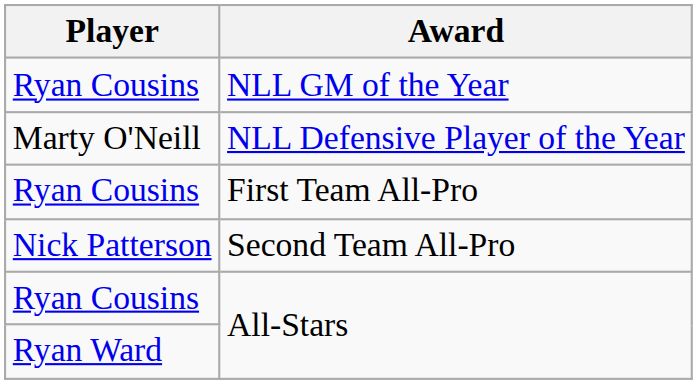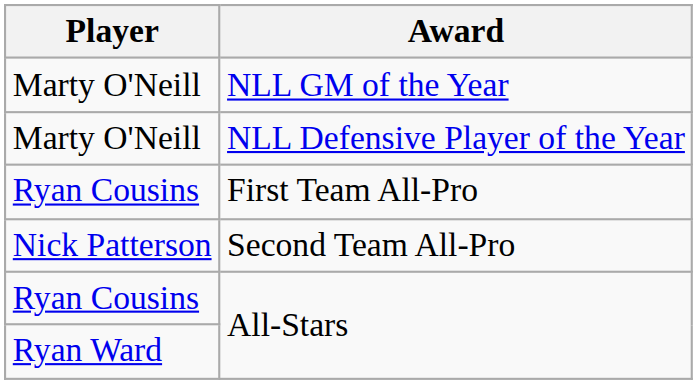 <table class="wikitable">
 <tr>
 <th>Player</th>
 <th>Award</th>
 </tr>
 <tr>
-<td><a href='#'>Ryan Cousins</a></td>
+<td>Marty O'Neill</td>
 <td><a href='#'>NLL GM of the Year</a></td>
 </tr>
 <tr>
 <td>Marty O'Neill</td>
 <td><a href='#'>NLL Defensive Player of the Year</a></td>
 </tr>
 <tr>
 <td><a href='#'>Ryan Cousins</a></td>
 <td>First Team All-Pro</td>
 </tr>
 <tr>
 <td><a href='#'>Nick Patterson</a></td>
 <td>Second Team All-Pro</td>
 </tr>
 <tr>
 <td><a href='#'>Ryan Cousins</a></td>
 <td rowspan=2>All-Stars</td>
 </tr>
 <tr>
 <td><a href='#'>Ryan Ward</a></td>
 </tr>
 </table>
